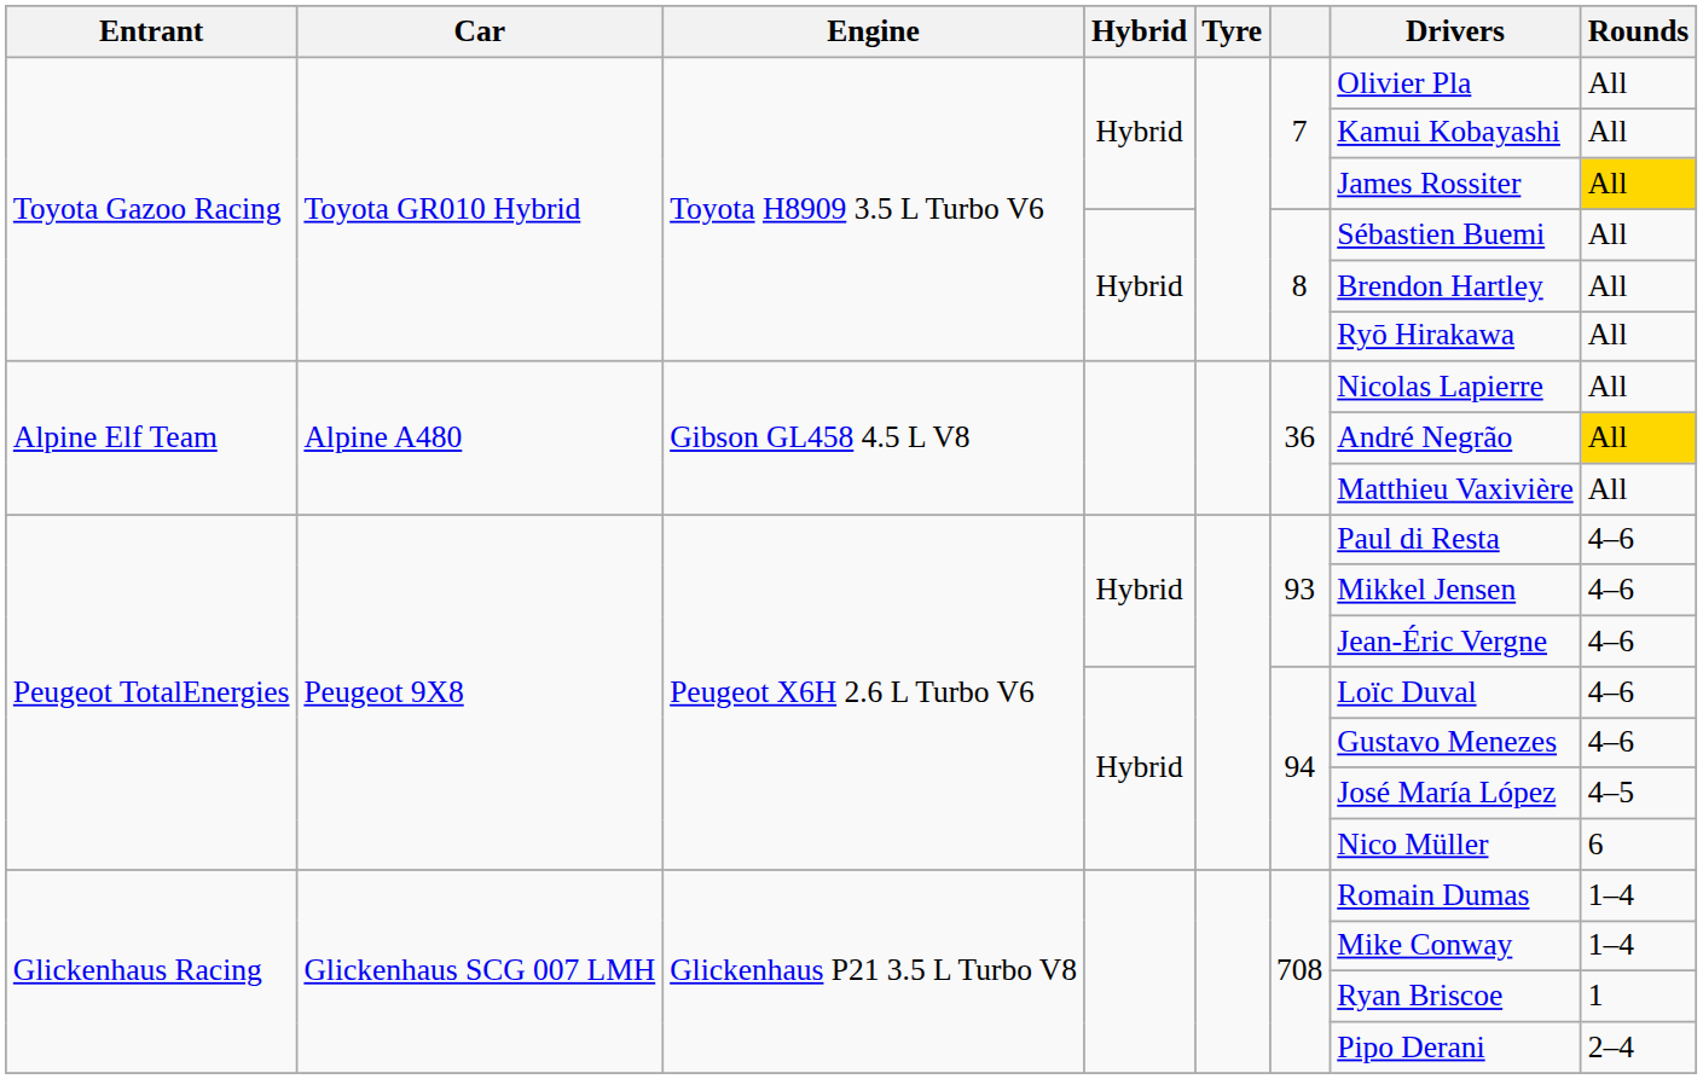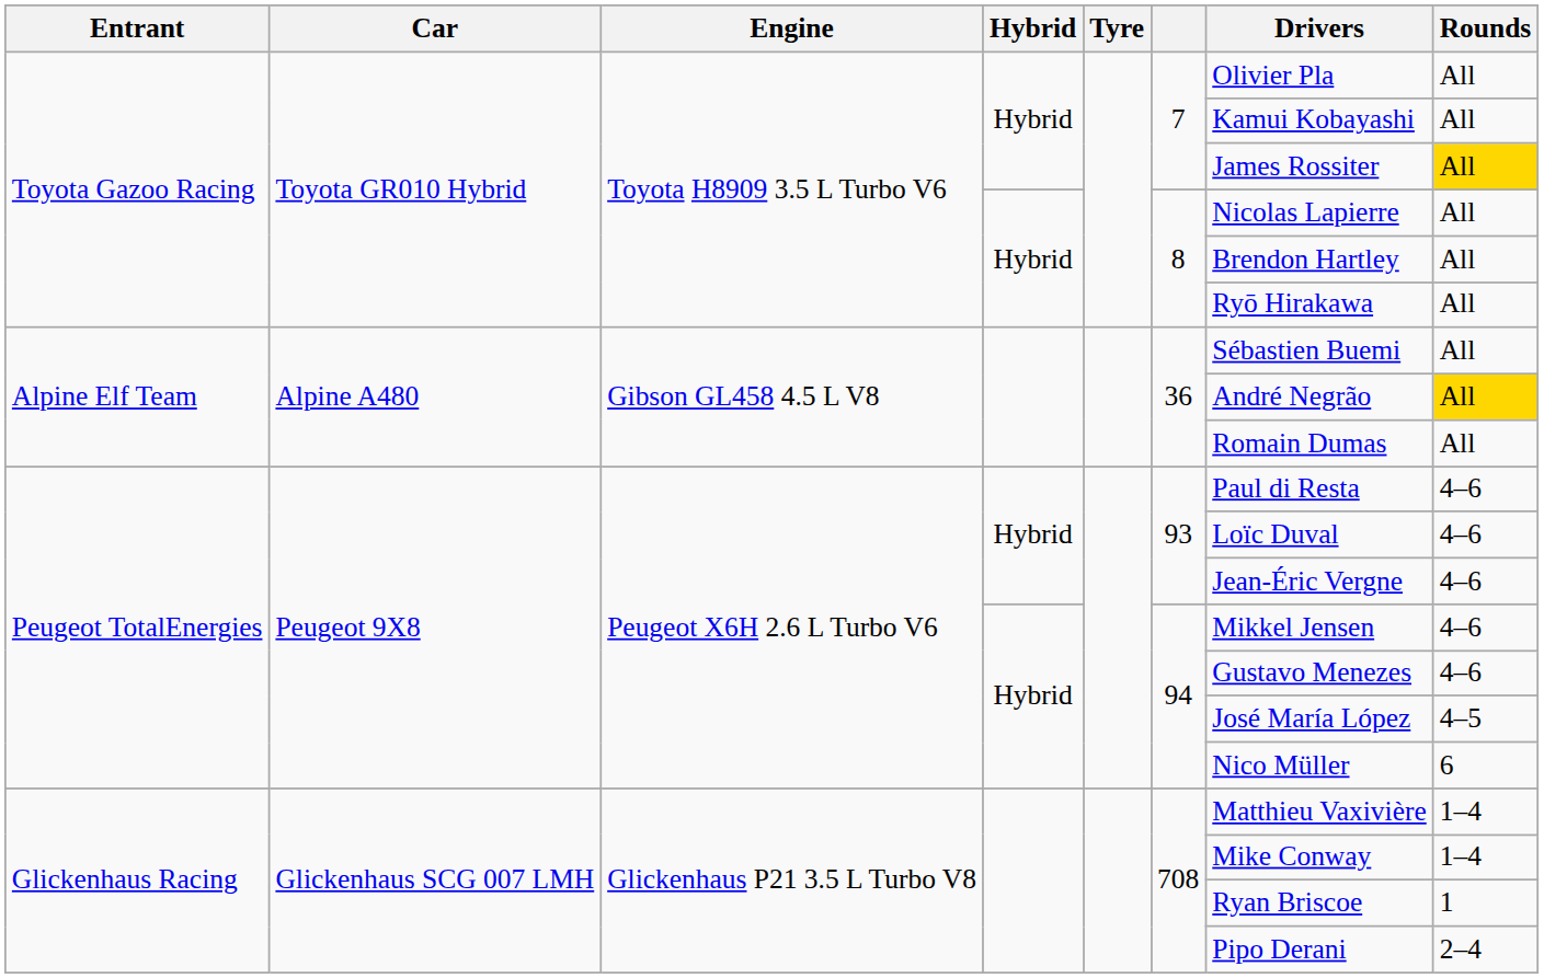 <table class="wikitable" style="font-size: 90%">
 <tr>
 <th>Entrant</th>
 <th>Car</th>
 <th>Engine</th>
 <th>Hybrid</th>
 <th>Tyre</th>
 <th></th>
 <th>Drivers</th>
 <th>Rounds</th>
 </tr>
 <tr>
 <td rowspan="6"> <a href='#'>Toyota Gazoo Racing</a></td>
 <td rowspan="6"><a href='#'>Toyota GR010 Hybrid</a></td>
 <td rowspan="6"><a href='#'>Toyota</a> <a href='#'>H8909</a> 3.5 L Turbo V6</td>
 <td rowspan="3" align=center>Hybrid</td>
 <td rowspan="6"></td>
 <td rowspan="3" align="center">7</td>
 <td> <a href='#'>Olivier Pla</a></td>
 <td>All</td>
 </tr>
 <tr>
 <td> <a href='#'>Kamui Kobayashi</a></td>
 <td>All</td>
 </tr>
 <tr>
 <td> <a href='#'>James Rossiter</a></td>
 <td style="background: gold;">All</td>
 </tr>
 <tr>
 <td rowspan="3" align=center>Hybrid</td>
 <td rowspan="3" align="center">8</td>
-<td> <a href='#'>Sébastien Buemi</a></td>
+<td> <a href='#'>Nicolas Lapierre</a></td>
 <td>All</td>
 </tr>
 <tr>
 <td> <a href='#'>Brendon Hartley</a></td>
 <td>All</td>
 </tr>
 <tr>
 <td> <a href='#'>Ryō Hirakawa</a></td>
 <td>All</td>
 </tr>
 <tr>
 <td rowspan="3"> <a href='#'>Alpine Elf Team</a></td>
 <td rowspan="3"><a href='#'>Alpine A480</a></td>
 <td rowspan="3"><a href='#'>Gibson GL458</a> 4.5 L V8</td>
 <td rowspan="3"></td>
 <td rowspan="3"></td>
 <td rowspan="3" align="center">36</td>
-<td> <a href='#'>Nicolas Lapierre</a></td>
+<td> <a href='#'>Sébastien Buemi</a></td>
 <td>All</td>
 </tr>
 <tr>
 <td> <a href='#'>André Negrão</a></td>
 <td style="background: gold;">All</td>
 </tr>
 <tr>
-<td nowrap> <a href='#'>Matthieu Vaxivière</a></td>
+<td> <a href='#'>Romain Dumas</a></td>
 <td>All</td>
 </tr>
 <tr>
 <td rowspan="7"> <a href='#'>Peugeot TotalEnergies</a></td>
 <td rowspan="7"><a href='#'>Peugeot 9X8</a></td>
 <td rowspan="7"><a href='#'>Peugeot X6H</a> 2.6 L Turbo V6</td>
 <td rowspan="3" align=center>Hybrid</td>
 <td rowspan="7"></td>
 <td rowspan="3" align="center">93</td>
 <td> <a href='#'>Paul di Resta</a></td>
 <td>4–6</td>
 </tr>
 <tr>
-<td> <a href='#'>Mikkel Jensen</a></td>
+<td> <a href='#'>Loïc Duval</a></td>
 <td>4–6</td>
 </tr>
 <tr>
 <td> <a href='#'>Jean-Éric Vergne</a></td>
 <td>4–6</td>
 </tr>
 <tr>
 <td rowspan="4" align=center>Hybrid</td>
 <td rowspan="4" align="center">94</td>
-<td> <a href='#'>Loïc Duval</a></td>
+<td> <a href='#'>Mikkel Jensen</a></td>
 <td>4–6</td>
 </tr>
 <tr>
 <td> <a href='#'>Gustavo Menezes</a></td>
 <td>4–6</td>
 </tr>
 <tr>
 <td> <a href='#'>José María López</a></td>
 <td>4–5</td>
 </tr>
 <tr>
 <td> <a href='#'>Nico Müller</a></td>
 <td>6</td>
 </tr>
 <tr>
 <td rowspan="4"> <a href='#'>Glickenhaus Racing</a></td>
 <td rowspan="4"><a href='#'>Glickenhaus SCG 007 LMH</a></td>
 <td rowspan="4"><a href='#'>Glickenhaus</a> P21 3.5 L Turbo V8</td>
 <td rowspan="4"></td>
 <td rowspan="4"></td>
 <td rowspan="4" align="center">708</td>
-<td> <a href='#'>Romain Dumas</a></td>
+<td nowrap> <a href='#'>Matthieu Vaxivière</a></td>
 <td>1–4</td>
 </tr>
 <tr>
 <td> <a href='#'>Mike Conway</a></td>
 <td>1–4</td>
 </tr>
 <tr>
 <td> <a href='#'>Ryan Briscoe</a></td>
 <td>1</td>
 </tr>
 <tr>
 <td> <a href='#'>Pipo Derani</a></td>
 <td>2–4</td>
 </tr>
 </table>
